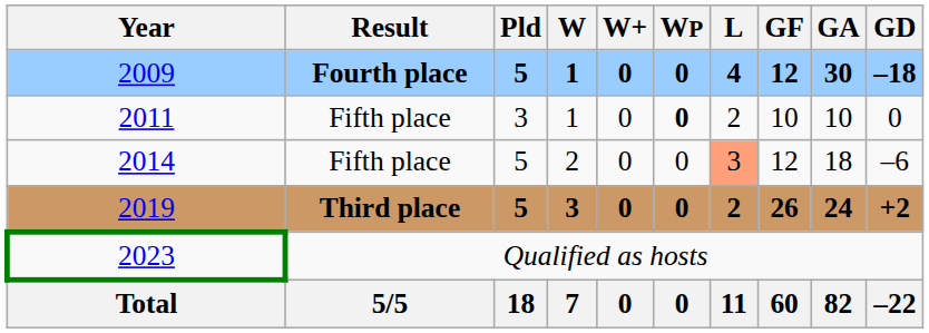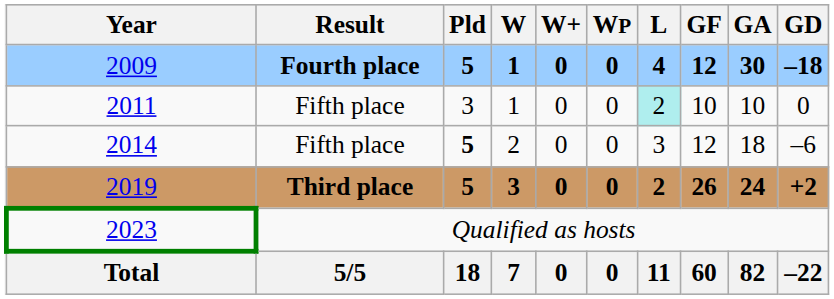 <table class="wikitable" style="text-align: center;">
 <tr>
 <th width=150>Year</th>
 <th width=110>Result</th>
 <th width=20>Pld</th>
 <th width=20>W</th>
 <th width=20>W+</th>
 <th width=20>W<small>P</small></th>
 <th width=20>L</th>
 <th width=20>GF</th>
 <th width=20>GA</th>
 <th width=25>GD</th>
 </tr>
 <tr bgcolor=#9acdff>
 <td> <a href='#'>2009</a></td>
 <td><strong>Fourth place</strong></td>
 <td><strong>5</strong></td>
 <td><strong>1</strong></td>
 <td><strong>0</strong></td>
 <td><strong>0</strong></td>
 <td><strong>4</strong></td>
 <td><strong>12</strong></td>
 <td><strong>30</strong></td>
 <td><strong>–18</strong></td>
 </tr>
 <tr>
 <td> <a href='#'>2011</a></td>
 <td>Fifth place</td>
 <td>3</td>
 <td>1</td>
 <td>0</td>
-<td><strong>0</strong></td>
-<td>2</td>
+<td>0</td>
+<td style="background: paleturquoise;">2</td>
 <td>10</td>
 <td>10</td>
 <td>0</td>
 </tr>
 <tr>
 <td> <a href='#'>2014</a></td>
 <td>Fifth place</td>
-<td>5</td>
+<td><strong>5</strong></td>
 <td>2</td>
 <td>0</td>
 <td>0</td>
-<td style="background: lightsalmon;">3</td>
+<td>3</td>
 <td>12</td>
 <td>18</td>
 <td>–6</td>
 </tr>
 <tr bgcolor=#c96>
 <td> <a href='#'>2019</a></td>
 <td><strong>Third place</strong></td>
 <td><strong>5</strong></td>
 <td><strong>3</strong></td>
 <td><strong>0</strong></td>
 <td><strong>0</strong></td>
 <td><strong>2</strong></td>
 <td><strong>26</strong></td>
 <td><strong>24</strong></td>
 <td><strong>+2</strong></td>
 </tr>
 <tr>
 <td style="border: 3px solid green"> <a href='#'>2023</a></td>
 <td colspan=9><em>Qualified as hosts</em></td>
 </tr>
 <tr>
 <th><strong>Total</strong></th>
 <th><strong>5/5</strong></th>
 <th><strong>18</strong></th>
 <th><strong>7</strong></th>
 <th><strong>0</strong></th>
 <th><strong>0</strong></th>
 <th><strong>11</strong></th>
 <th><strong>60</strong></th>
 <th><strong>82</strong></th>
 <th><strong>–22</strong></th>
 </tr>
 </table>
